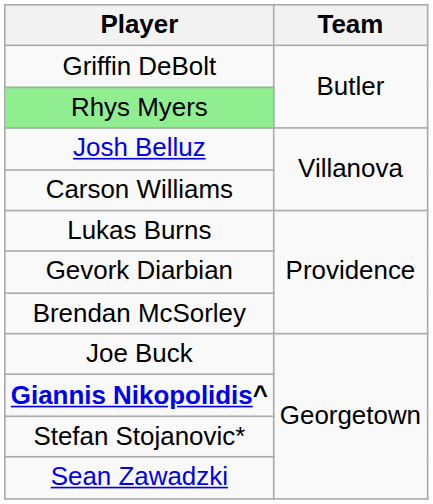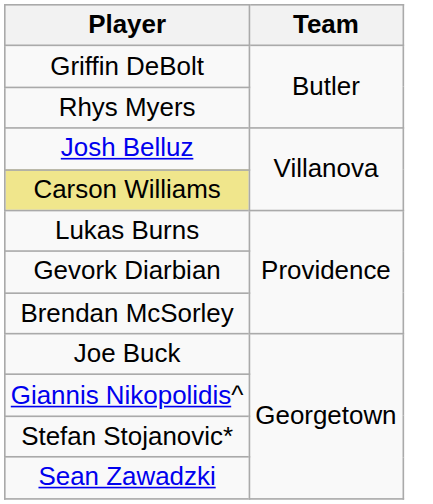 <table class="wikitable" style="text-align: center;">
 <tr>
 <th>Player</th>
 <th>Team</th>
 </tr>
 <tr>
 <td>Griffin DeBolt</td>
 <td rowspan=2>Butler</td>
 </tr>
 <tr>
-<td style="background: lightgreen;">Rhys Myers</td>
+<td>Rhys Myers</td>
 </tr>
 <tr>
 <td><a href='#'>Josh Belluz</a></td>
 <td rowspan=2>Villanova</td>
 </tr>
 <tr>
-<td>Carson Williams</td>
+<td style="background: khaki;">Carson Williams</td>
 </tr>
 <tr>
 <td>Lukas Burns</td>
 <td rowspan=3>Providence</td>
 </tr>
 <tr>
 <td>Gevork Diarbian</td>
 </tr>
 <tr>
 <td>Brendan McSorley</td>
 </tr>
 <tr>
 <td>Joe Buck</td>
 <td rowspan=4>Georgetown</td>
 </tr>
 <tr>
-<td><strong><a href='#'>Giannis Nikopolidis</a>^</strong></td>
+<td><a href='#'>Giannis Nikopolidis</a>^</td>
 </tr>
 <tr>
 <td>Stefan Stojanovic*</td>
 </tr>
 <tr>
 <td><a href='#'>Sean Zawadzki</a></td>
 </tr>
 </table>
